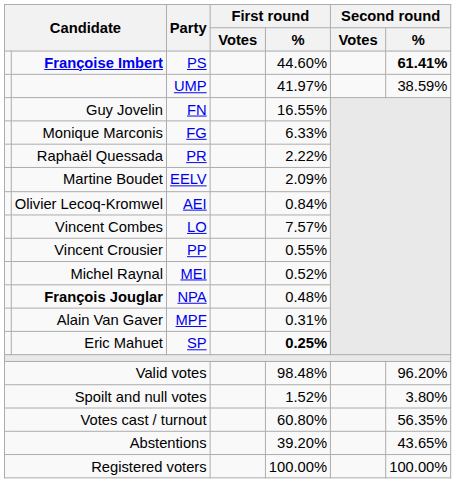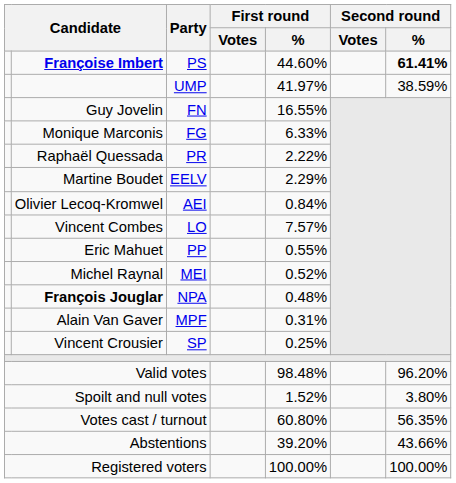 <table class="wikitable" style="text-align:right;font-size:95%;">
 <tr>
 <th rowspan=2 colspan=2>Candidate</th>
 <th rowspan=2 colspan=1>Party</th>
 <th colspan=2>First round</th>
 <th colspan=2>Second round</th>
 </tr>
 <tr>
 <th style="width:50px;">Votes</th>
 <th style="width:55px;">%</th>
 <th style="width:50px;">Votes</th>
 <th style="width:55px;">%</th>
 </tr>
 <tr>
 <td style="color:inherit;background-color:"></td>
 <td><strong><a href='#'>Françoise Imbert</a></strong></td>
 <td><a href='#'>PS</a></td>
 <td></td>
 <td>44.60%</td>
 <td><strong></strong></td>
 <td><strong>61.41%</strong></td>
 </tr>
 <tr>
 <td style="color:inherit;background-color:"></td>
 <td></td>
 <td><a href='#'>UMP</a></td>
 <td></td>
 <td>41.97%</td>
 <td></td>
 <td>38.59%</td>
 </tr>
 <tr>
 <td style="color:inherit;background-color:"></td>
 <td>Guy Jovelin</td>
 <td><a href='#'>FN</a></td>
 <td></td>
 <td>16.55%</td>
 <td colspan=7 rowspan=11 style="background-color:#E9E9E9;"></td>
 </tr>
 <tr>
 <td style="color:inherit;background-color:"></td>
 <td>Monique Marconis</td>
 <td><a href='#'>FG</a></td>
 <td></td>
 <td>6.33%</td>
 </tr>
 <tr>
 <td style="color:inherit;background-color:"></td>
 <td>Raphaël Quessada</td>
 <td><a href='#'>PR</a></td>
 <td></td>
 <td>2.22%</td>
 </tr>
 <tr>
 <td style="color:inherit;background-color:"></td>
 <td>Martine Boudet</td>
 <td><a href='#'>EELV</a></td>
 <td></td>
-<td>2.09%</td>
+<td>2.29%</td>
 </tr>
 <tr>
 <td style="color:inherit;background-color:"></td>
 <td>Olivier Lecoq-Kromwel</td>
 <td><a href='#'>AEI</a></td>
 <td></td>
 <td>0.84%</td>
 </tr>
 <tr>
 <td style="color:inherit;background-color:"></td>
 <td>Vincent Combes</td>
 <td><a href='#'>LO</a></td>
 <td></td>
 <td>7.57%</td>
 </tr>
 <tr>
 <td style="color:inherit;background-color:"></td>
-<td>Vincent Crousier</td>
+<td>Eric Mahuet</td>
 <td><a href='#'>PP</a></td>
 <td></td>
 <td>0.55%</td>
 </tr>
 <tr>
 <td style="color:inherit;background-color:"></td>
 <td>Michel Raynal</td>
 <td><a href='#'>MEI</a></td>
 <td></td>
 <td>0.52%</td>
 </tr>
 <tr>
 <td style="color:inherit;background-color:"></td>
 <td><strong>François Jouglar</strong></td>
 <td><a href='#'>NPA</a></td>
 <td></td>
 <td>0.48%</td>
 </tr>
 <tr>
 <td style="color:inherit;background-color:"></td>
 <td>Alain Van Gaver</td>
 <td><a href='#'>MPF</a></td>
 <td></td>
 <td>0.31%</td>
 </tr>
 <tr>
 <td style="color:inherit;background-color:"></td>
-<td>Eric Mahuet</td>
+<td>Vincent Crousier</td>
 <td><a href='#'>SP</a></td>
 <td></td>
-<td><strong>0.25%</strong></td>
+<td>0.25%</td>
 </tr>
 <tr>
 <td colspan=7 style="background-color:#E9E9E9;"></td>
 </tr>
 <tr>
 <td colspan=3>Valid votes</td>
 <td></td>
 <td>98.48%</td>
 <td></td>
 <td>96.20%</td>
 </tr>
 <tr>
 <td colspan=3>Spoilt and null votes</td>
 <td></td>
 <td>1.52%</td>
 <td></td>
 <td>3.80%</td>
 </tr>
 <tr>
 <td colspan=3>Votes cast / turnout</td>
 <td></td>
 <td>60.80%</td>
 <td></td>
 <td>56.35%</td>
 </tr>
 <tr>
 <td colspan=3>Abstentions</td>
 <td></td>
 <td>39.20%</td>
 <td></td>
-<td>43.65%</td>
+<td>43.66%</td>
 </tr>
 <tr>
 <td colspan=3>Registered voters</td>
 <td></td>
 <td>100.00%</td>
 <td></td>
 <td>100.00%</td>
 </tr>
 </table>
